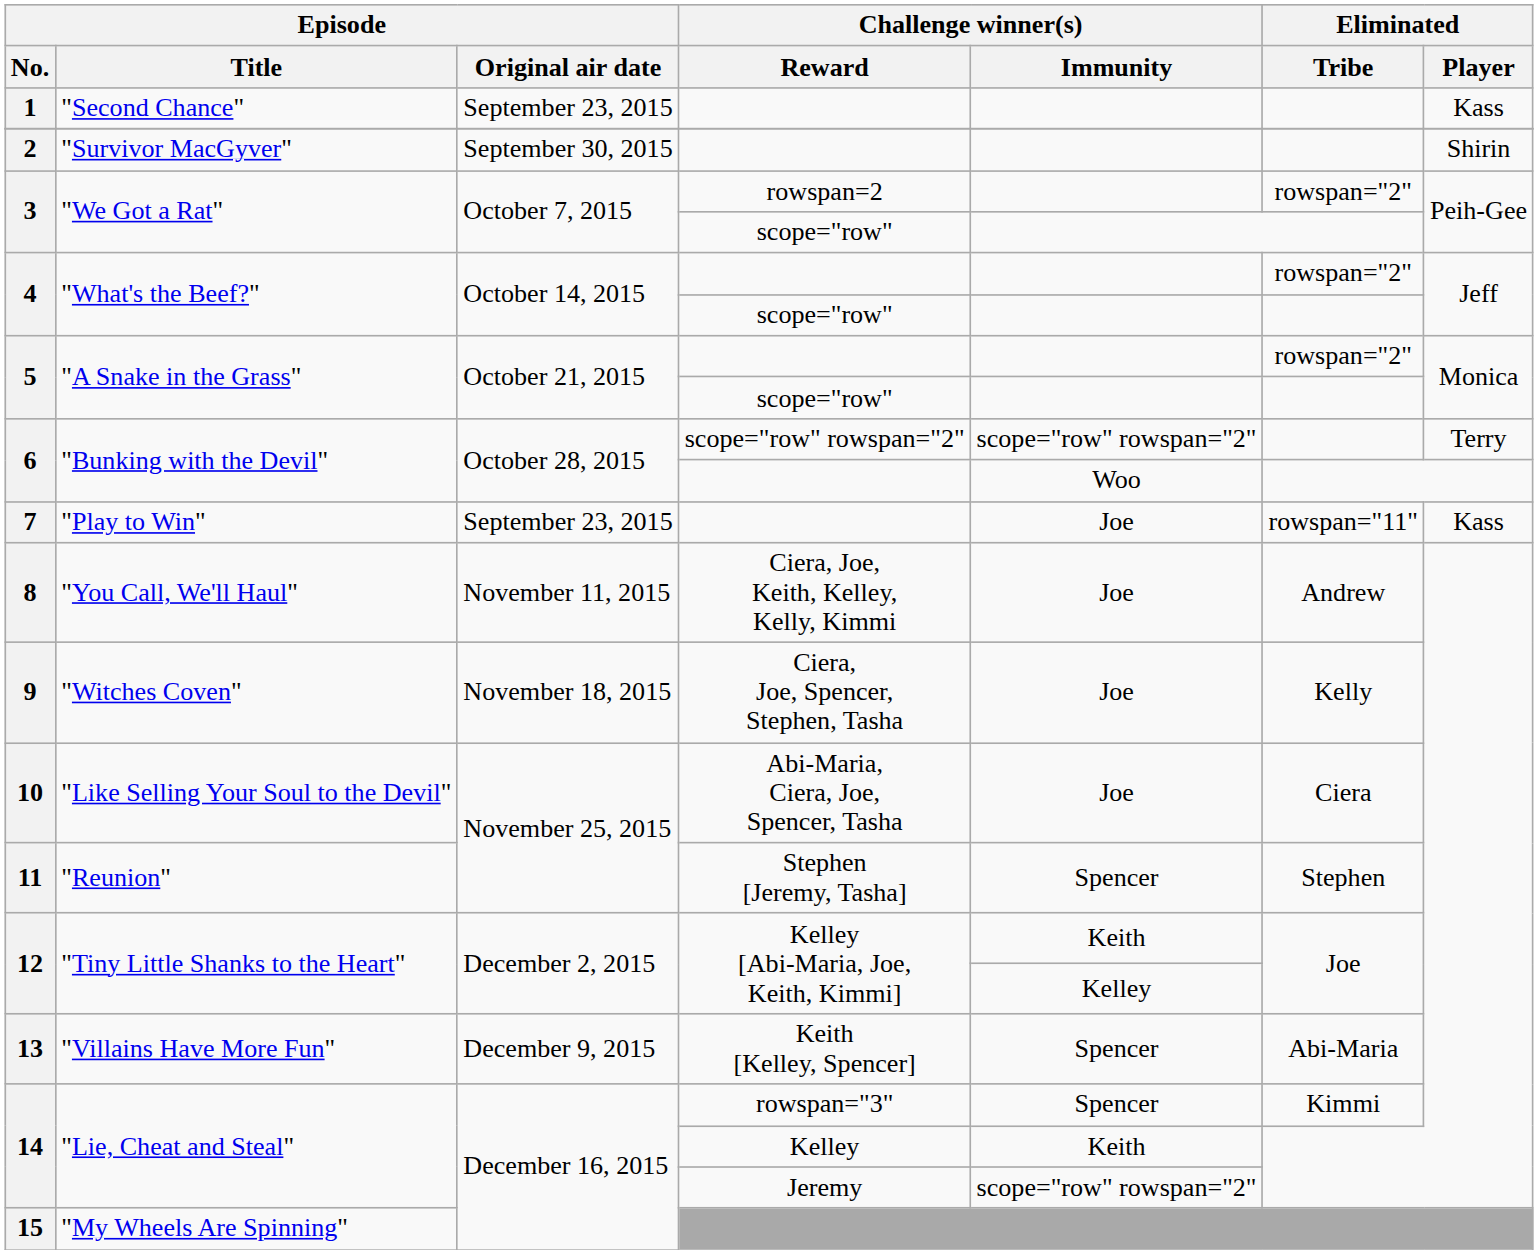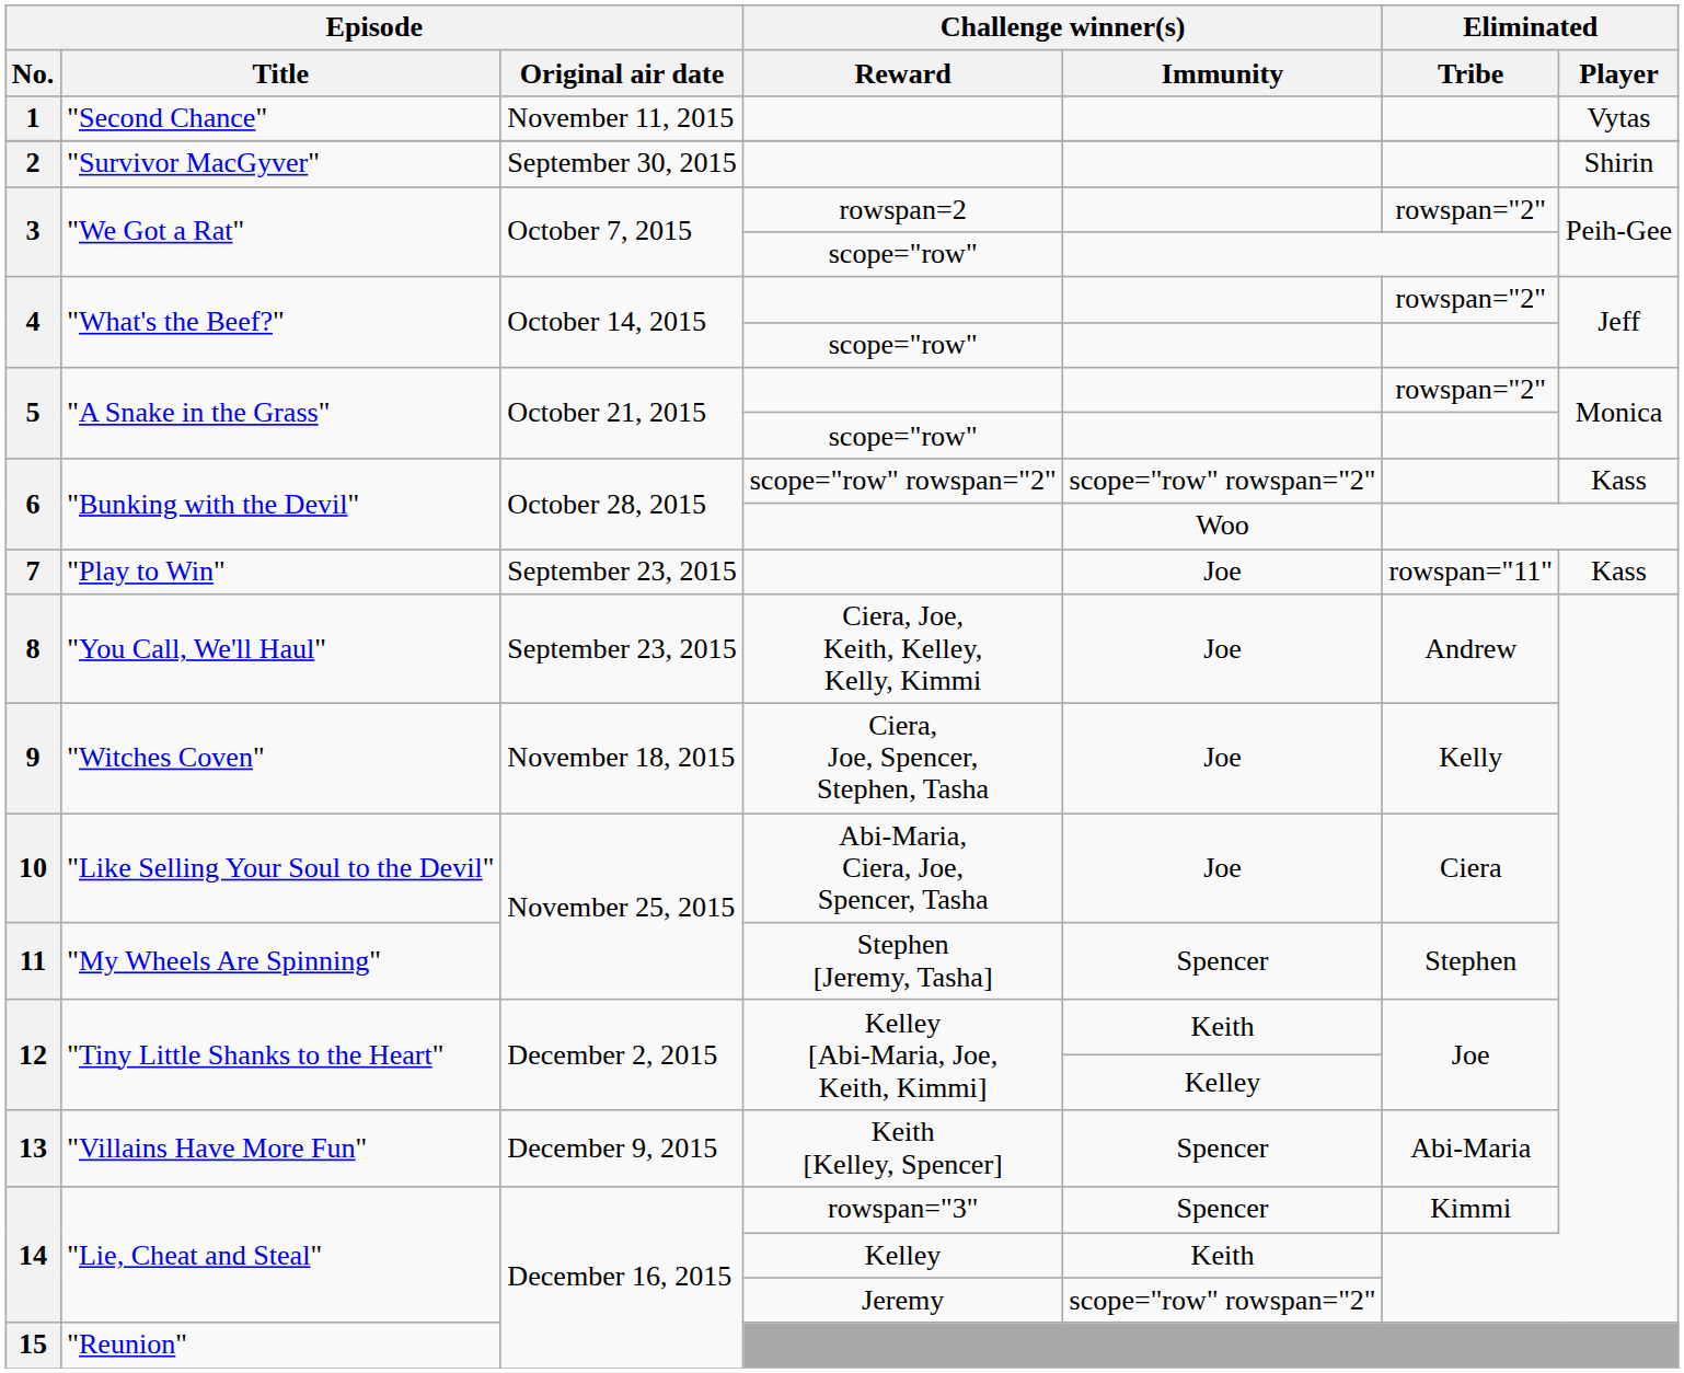 <table class="wikitable plainrowheaders" style="margin:auto; text-align:center">
 <tr>
 <th scope="col" colspan="3">Episode</th>
 <th scope="col" colspan=2>Challenge winner(s)</th>
 <th colspan="2">Eliminated</th>
 </tr>
 <tr>
 <th scope="col">No.</th>
 <th scope="col">Title</th>
 <th scope="col">Original air date</th>
 <th scope="col">Reward</th>
 <th scope="col">Immunity</th>
 <th>Tribe</th>
 <th>Player</th>
 </tr>
 <tr>
 <th rowspan="1">1</th>
 <td scope="row" align="left" rowspan="1">"<a href='#'>Second Chance</a>"</td>
-<td align="left" rowspan="1">September 23, 2015</td>
+<td align="left">November 11, 2015</td>
 <td></td>
 <td></td>
 <td></td>
-<td>Kass</td>
+<td>Vytas</td>
 </tr>
 <tr>
 </tr>
 <tr>
 <th>2</th>
 <td scope="row" align="left">"<a href='#'>Survivor MacGyver</a>"</td>
 <td align="left">September 30, 2015</td>
 <td></td>
 <td></td>
 <td></td>
 <td>Shirin</td>
 </tr>
 <tr>
 <th rowspan="2">3</th>
 <td scope="row" align="left" rowspan="2">"<a href='#'>We Got a Rat</a>"</td>
 <td align="left" rowspan="2">October 7, 2015</td>
 <td>rowspan=2 </td>
 <td></td>
 <td>rowspan="2" </td>
 <td Rowspan=2>Peih-Gee</td>
 </tr>
 <tr>
 <td>scope="row" </td>
 </tr>
 <tr>
 <th rowspan="2">4</th>
 <td scope="row" align="left" rowspan="2">"<a href='#'>What's the Beef?</a>"</td>
 <td align="left" rowspan="2">October 14, 2015</td>
 <td></td>
 <td></td>
 <td>rowspan="2" </td>
 <td rowspan="2">Jeff</td>
 </tr>
 <tr>
 <td>scope="row" </td>
 <td></td>
 </tr>
 <tr>
 <th rowspan="2">5</th>
 <td scope="row" align="left" rowspan="2">"<a href='#'>A Snake in the Grass</a>"</td>
 <td align="left" rowspan="2">October 21, 2015</td>
 <td></td>
 <td></td>
 <td>rowspan="2" </td>
 <td rowspan="2">Monica</td>
 </tr>
 <tr>
 <td>scope="row" </td>
 <td></td>
 </tr>
 <tr>
 <th rowspan="2">6</th>
 <td scope="row" align="left" rowspan="2">"<a href='#'>Bunking with the Devil</a>"</td>
 <td align="left" rowspan="2">October 28, 2015</td>
 <td>scope="row" rowspan="2" </td>
 <td>scope="row" rowspan="2" </td>
 <td></td>
-<td>Terry</td>
+<td>Kass</td>
 </tr>
 <tr>
 <td></td>
 <td>Woo</td>
 </tr>
 <tr>
 <th>7</th>
 <td scope="row" align="left">"<a href='#'>Play to Win</a>"</td>
 <td align="left" rowspan="1">September 23, 2015</td>
 <td></td>
 <td>Joe</td>
 <td>rowspan="11" </td>
 <td>Kass</td>
 </tr>
 <tr>
 <th>8</th>
 <td scope="row" align="left">"<a href='#'>You Call, We'll Haul</a>"</td>
-<td align="left">November 11, 2015</td>
+<td align="left" rowspan="1">September 23, 2015</td>
 <td>Ciera, Joe,<br>Keith, Kelley,<br>Kelly, Kimmi</td>
 <td>Joe</td>
 <td>Andrew</td>
 </tr>
 <tr>
 <th>9</th>
 <td scope="row" align="left">"<a href='#'>Witches Coven</a>"</td>
 <td align="left">November 18, 2015</td>
 <td>Ciera,<br>Joe, Spencer,<br>Stephen, Tasha</td>
 <td>Joe</td>
 <td>Kelly</td>
 </tr>
 <tr>
 <th>10</th>
 <td scope="row" align="left">"<a href='#'>Like Selling Your Soul to the Devil</a>"</td>
 <td rowspan="2" align="left">November 25, 2015</td>
 <td>Abi-Maria,<br>Ciera, Joe,<br>Spencer, Tasha</td>
 <td>Joe</td>
 <td>Ciera</td>
 </tr>
 <tr>
 <th>11</th>
-<td scope="row" align="left">"<a href='#'>Reunion</a>"</td>
+<td scope="row" align="left">"<a href='#'>My Wheels Are Spinning</a>"</td>
 <td>Stephen<br>[Jeremy, Tasha]</td>
 <td>Spencer</td>
 <td>Stephen</td>
 </tr>
 <tr>
 <th rowspan="2">12</th>
 <td scope="row" rowspan="2" align="left">"<a href='#'>Tiny Little Shanks to the Heart</a>"</td>
 <td rowspan="2" align="left">December 2, 2015</td>
 <td rowspan="2">Kelley<br>[Abi-Maria, Joe,<br>Keith, Kimmi]</td>
 <td>Keith</td>
 <td rowspan="2">Joe</td>
 </tr>
 <tr>
 <td>Kelley</td>
 </tr>
 <tr>
 <th>13</th>
 <td align="left">"<a href='#'>Villains Have More Fun</a>"</td>
 <td align="left">December 9, 2015</td>
 <td>Keith<br>[Kelley, Spencer]</td>
 <td>Spencer</td>
 <td>Abi-Maria</td>
 </tr>
 <tr>
 <th rowspan="3">14</th>
 <td scope="row" rowspan="3" align="left">"<a href='#'>Lie, Cheat and Steal</a>"</td>
 <td rowspan="4" align="left">December 16, 2015</td>
 <td>rowspan="3" </td>
 <td>Spencer</td>
 <td>Kimmi</td>
 </tr>
 <tr>
 <td>Kelley</td>
 <td>Keith</td>
 </tr>
 <tr>
 <td>Jeremy</td>
 <td>scope="row" rowspan="2" </td>
 </tr>
 <tr>
 <th>15</th>
-<td scope="row" align="left">"<a href='#'>My Wheels Are Spinning</a>"</td>
+<td scope="row" align="left">"<a href='#'>Reunion</a>"</td>
 <td colspan="4" bgcolor="darkgray"></td>
 </tr>
 </table>
